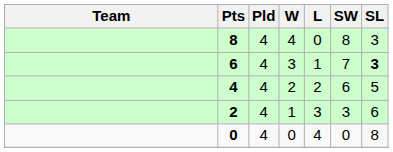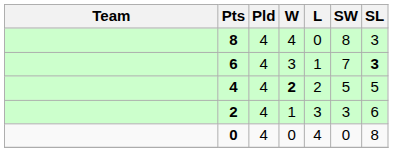 <table class=wikitable style="text-align:center">
 <tr>
 <th width=220>Team</th>
 <th width=20>Pts</th>
 <th width=20>Pld</th>
 <th width=20>W</th>
 <th width=20>L</th>
 <th width=20>SW</th>
 <th width=20>SL</th>
 </tr>
 <tr bgcolor=#ccffcc>
 <td align=left></td>
 <td><strong>8</strong></td>
 <td>4</td>
 <td>4</td>
 <td>0</td>
 <td>8</td>
 <td>3</td>
 </tr>
 <tr bgcolor=#ccffcc>
 <td align=left></td>
 <td><strong>6</strong></td>
 <td>4</td>
 <td>3</td>
 <td>1</td>
 <td>7</td>
 <td><strong>3</strong></td>
 </tr>
 <tr bgcolor=#ccffcc>
 <td align=left></td>
 <td><strong>4</strong></td>
 <td>4</td>
+<td><strong>2</strong></td>
 <td>2</td>
-<td>2</td>
-<td>6</td>
+<td>5</td>
 <td>5</td>
 </tr>
 <tr bgcolor=#ccffcc>
 <td align=left></td>
 <td><strong>2</strong></td>
 <td>4</td>
 <td>1</td>
 <td>3</td>
 <td>3</td>
 <td>6</td>
 </tr>
 <tr bgcolor=>
 <td align=left></td>
 <td><strong>0</strong></td>
 <td>4</td>
 <td>0</td>
 <td>4</td>
 <td>0</td>
 <td>8</td>
 </tr>
 <tr>
 </tr>
 </table>
